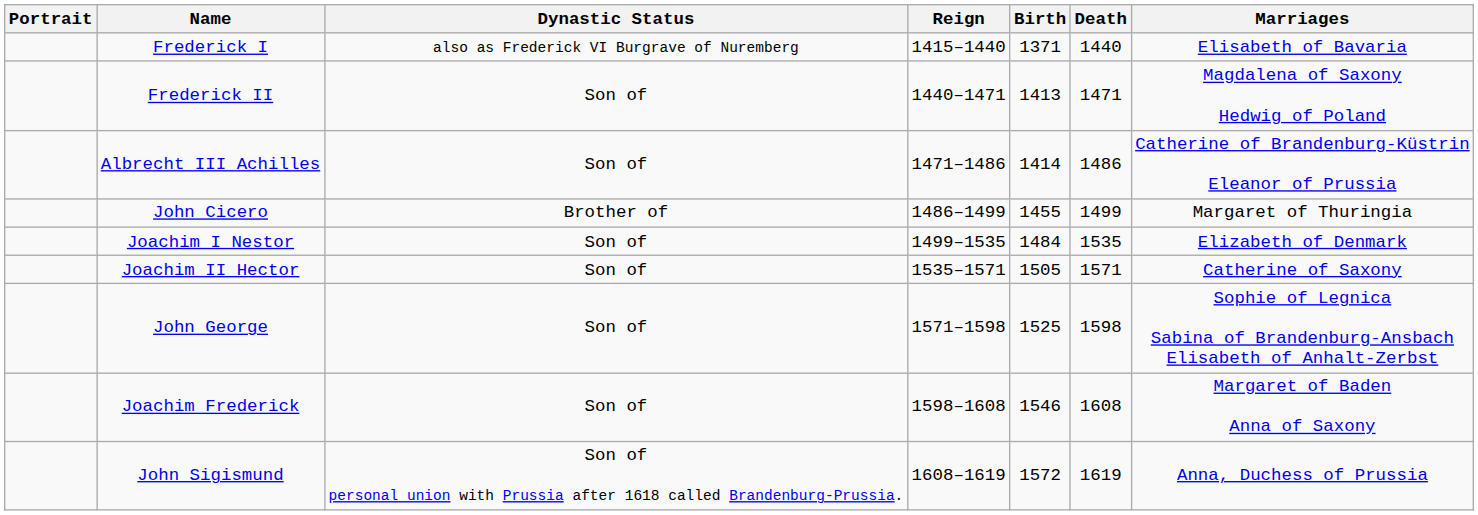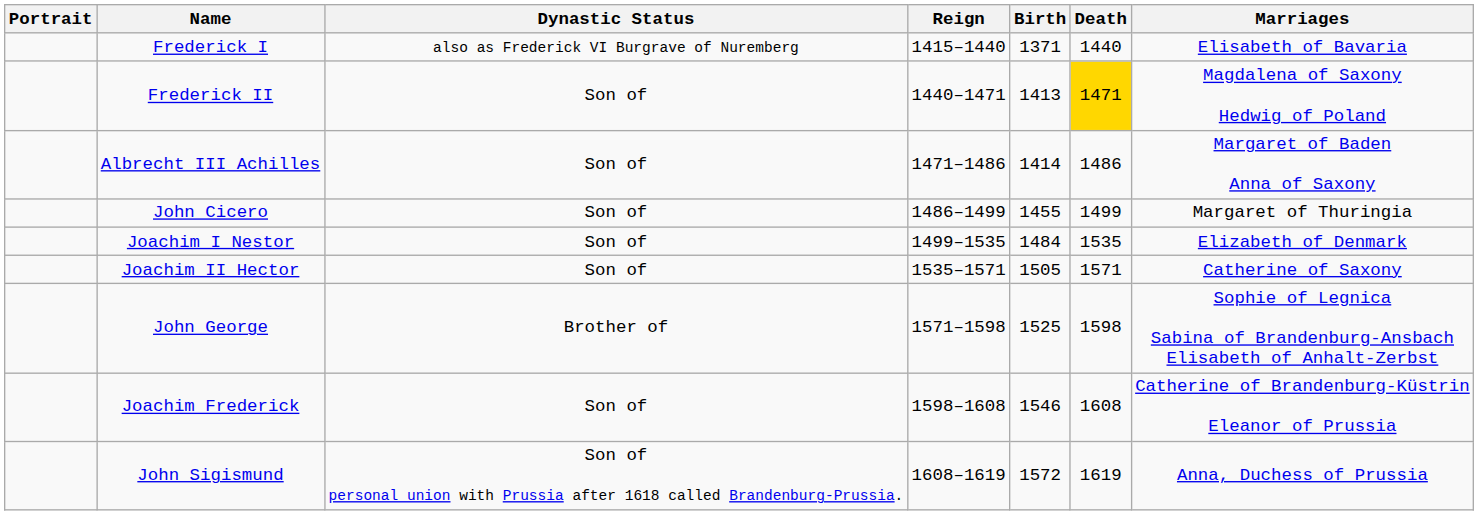 <table class="wikitable">
 <tr>
 <th>Portrait</th>
 <th>Name</th>
 <th>Dynastic Status</th>
 <th>Reign</th>
 <th>Birth</th>
 <th>Death</th>
 <th>Marriages</th>
 </tr>
 <tr>
 <td align="center"></td>
 <td align="center"><a href='#'>Frederick I</a></td>
 <td align="center"><small>also as Frederick VI Burgrave of Nuremberg</small></td>
 <td align="center">1415–1440</td>
 <td align="center">1371</td>
 <td align="center">1440</td>
 <td align="center"><a href='#'>Elisabeth of Bavaria</a></td>
 </tr>
 <tr>
 <td align="center"></td>
 <td align="center"><a href='#'>Frederick II</a></td>
 <td align="center">Son of</td>
 <td align="center">1440–1471</td>
 <td align="center">1413</td>
-<td align="center">1471</td>
+<td align="center" style="background: gold;">1471</td>
 <td align="center"><a href='#'>Magdalena of Saxony</a><br><br><a href='#'>Hedwig of Poland</a></td>
 </tr>
 <tr>
 <td align="center"></td>
 <td align="center"><a href='#'>Albrecht III Achilles</a></td>
 <td align="center">Son of</td>
 <td align="center">1471–1486</td>
 <td align="center">1414</td>
 <td align="center">1486</td>
-<td align="center"><a href='#'>Catherine of Brandenburg-Küstrin</a><br><br><a href='#'>Eleanor of Prussia</a></td>
+<td align="center"><a href='#'>Margaret of Baden</a><br><br><a href='#'>Anna of Saxony</a></td>
 </tr>
 <tr>
 <td align="center"></td>
 <td align="center"><a href='#'>John Cicero</a></td>
-<td align="center">Brother of</td>
+<td align="center">Son of</td>
 <td align="center">1486–1499</td>
 <td align="center">1455</td>
 <td align="center">1499</td>
 <td align="center">Margaret of Thuringia</td>
 </tr>
 <tr>
 <td align="center"></td>
 <td align="center"><a href='#'>Joachim I Nestor</a></td>
 <td align="center">Son of</td>
 <td align="center">1499–1535</td>
 <td align="center">1484</td>
 <td align="center">1535</td>
 <td align="center"><a href='#'>Elizabeth of Denmark</a></td>
 </tr>
 <tr>
 <td align="center"></td>
 <td align="center"><a href='#'>Joachim II Hector</a></td>
 <td align="center">Son of</td>
 <td align="center">1535–1571</td>
 <td align="center">1505</td>
 <td align="center">1571</td>
 <td align="center"><a href='#'>Catherine of Saxony</a></td>
 </tr>
 <tr>
 <td align="center"></td>
 <td align="center"><a href='#'>John George</a></td>
-<td align="center">Son of</td>
+<td align="center">Brother of</td>
 <td align="center">1571–1598</td>
 <td align="center">1525</td>
 <td align="center">1598</td>
 <td align="center"><a href='#'>Sophie of Legnica</a><br><br><a href='#'>Sabina of Brandenburg-Ansbach</a><br> <a href='#'>Elisabeth of Anhalt-Zerbst</a></td>
 </tr>
 <tr>
 <td align="center"></td>
 <td align="center"><a href='#'>Joachim Frederick</a></td>
 <td align="center">Son of</td>
 <td align="center">1598–1608</td>
 <td align="center">1546</td>
 <td align="center">1608</td>
-<td align="center"><a href='#'>Margaret of Baden</a><br><br><a href='#'>Anna of Saxony</a></td>
+<td align="center"><a href='#'>Catherine of Brandenburg-Küstrin</a><br><br><a href='#'>Eleanor of Prussia</a></td>
 </tr>
 <tr>
 <td align="center"></td>
 <td align="center"><a href='#'>John Sigismund</a></td>
 <td align="center">Son of<br><br><small><a href='#'>personal union</a> with <a href='#'>Prussia</a> after 1618 called <a href='#'>Brandenburg-Prussia</a>.</small></td>
 <td align="center">1608–1619</td>
 <td align="center">1572</td>
 <td align="center">1619</td>
 <td align="center"><a href='#'>Anna, Duchess of Prussia</a></td>
 </tr>
 </table>
